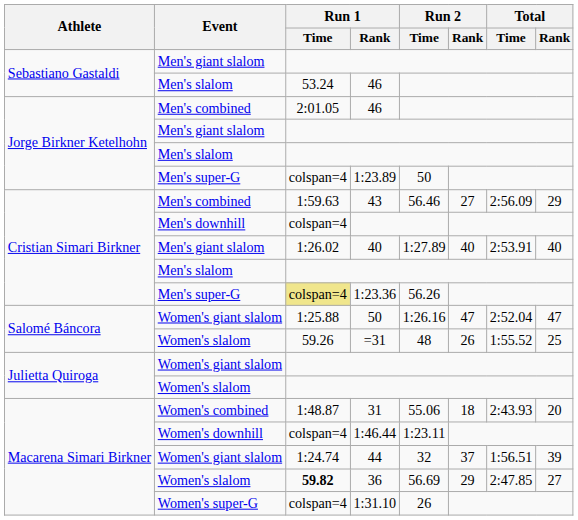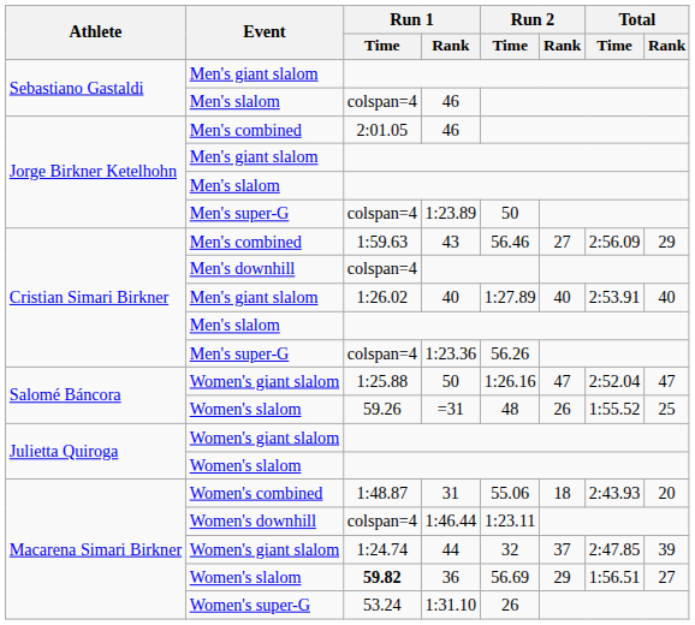 <table class="wikitable" style="font-size:90%">
 <tr>
 <th rowspan=2>Athlete</th>
 <th rowspan=2>Event</th>
 <th colspan=2>Run 1</th>
 <th colspan=2>Run 2</th>
 <th colspan=2>Total</th>
 </tr>
 <tr style="font-size:95%">
 <th>Time</th>
 <th>Rank</th>
 <th>Time</th>
 <th>Rank</th>
 <th>Time</th>
 <th>Rank</th>
 </tr>
 <tr align=center>
 <td align=left rowspan=2><a href='#'>Sebastiano Gastaldi</a></td>
 <td align=left><a href='#'>Men's giant slalom</a></td>
 <td colspan="6"></td>
 </tr>
 <tr align=center>
 <td align=left><a href='#'>Men's slalom</a></td>
-<td>53.24</td>
+<td>colspan=4 </td>
 <td>46</td>
 <td colspan=4></td>
 </tr>
 <tr align=center>
 <td align=left rowspan=4><a href='#'>Jorge Birkner Ketelhohn</a></td>
 <td align=left><a href='#'>Men's combined</a></td>
 <td>2:01.05</td>
 <td>46</td>
 <td colspan="4"></td>
 </tr>
 <tr align=center>
 <td align=left><a href='#'>Men's giant slalom</a></td>
 <td colspan="6"></td>
 </tr>
 <tr align=center>
 <td align=left><a href='#'>Men's slalom</a></td>
 <td colspan="6"></td>
 </tr>
 <tr align=center>
 <td align=left><a href='#'>Men's super-G</a></td>
 <td>colspan=4 </td>
 <td>1:23.89</td>
 <td>50</td>
 </tr>
 <tr align=center>
 <td align=left rowspan=5><a href='#'>Cristian Simari Birkner</a></td>
 <td align=left><a href='#'>Men's combined</a></td>
 <td>1:59.63</td>
 <td>43</td>
 <td>56.46</td>
 <td>27</td>
 <td>2:56.09</td>
 <td>29</td>
 </tr>
 <tr align=center>
 <td align=left><a href='#'>Men's downhill</a></td>
 <td>colspan=4 </td>
 <td colspan=2></td>
 </tr>
 <tr align=center>
 <td align=left><a href='#'>Men's giant slalom</a></td>
 <td>1:26.02</td>
 <td>40</td>
 <td>1:27.89</td>
 <td>40</td>
 <td>2:53.91</td>
 <td>40</td>
 </tr>
 <tr align=center>
 <td align=left><a href='#'>Men's slalom</a></td>
 <td colspan="6"></td>
 </tr>
 <tr align=center>
 <td align=left><a href='#'>Men's super-G</a></td>
-<td style="background: khaki;">colspan=4 </td>
+<td>colspan=4 </td>
 <td>1:23.36</td>
 <td>56.26</td>
 </tr>
 <tr align=center>
 <td align=left rowspan=2><a href='#'>Salomé Báncora</a></td>
 <td align=left><a href='#'>Women's giant slalom</a></td>
 <td>1:25.88</td>
 <td>50</td>
 <td>1:26.16</td>
 <td>47</td>
 <td>2:52.04</td>
 <td>47</td>
 </tr>
 <tr align=center>
 <td align=left><a href='#'>Women's slalom</a></td>
 <td>59.26</td>
 <td>=31</td>
 <td>48</td>
 <td>26</td>
 <td>1:55.52</td>
 <td>25</td>
 </tr>
 <tr align=center>
 <td align=left rowspan=2><a href='#'>Julietta Quiroga</a></td>
 <td align=left><a href='#'>Women's giant slalom</a></td>
 <td colspan=6></td>
 </tr>
 <tr align=center>
 <td align=left><a href='#'>Women's slalom</a></td>
 <td colspan=6></td>
 </tr>
 <tr align=center>
 <td align=left rowspan=5><a href='#'>Macarena Simari Birkner</a></td>
 <td align=left><a href='#'>Women's combined</a></td>
 <td>1:48.87</td>
 <td>31</td>
 <td>55.06</td>
 <td>18</td>
 <td>2:43.93</td>
 <td>20</td>
 </tr>
 <tr align=center>
 <td align=left><a href='#'>Women's downhill</a></td>
 <td>colspan=4 </td>
 <td>1:46.44</td>
 <td>1:23.11</td>
 </tr>
 <tr align=center>
 <td align=left><a href='#'>Women's giant slalom</a></td>
 <td>1:24.74</td>
 <td>44</td>
 <td>32</td>
 <td>37</td>
-<td>1:56.51</td>
+<td>2:47.85</td>
 <td>39</td>
 </tr>
 <tr align=center>
 <td align=left><a href='#'>Women's slalom</a></td>
 <td><strong>59.82</strong></td>
 <td>36</td>
 <td>56.69</td>
 <td>29</td>
-<td>2:47.85</td>
+<td>1:56.51</td>
 <td>27</td>
 </tr>
 <tr align=center>
 <td align=left><a href='#'>Women's super-G</a></td>
-<td>colspan=4 </td>
+<td>53.24</td>
 <td>1:31.10</td>
 <td>26</td>
 </tr>
 </table>
